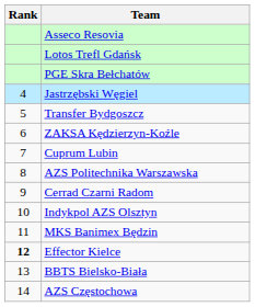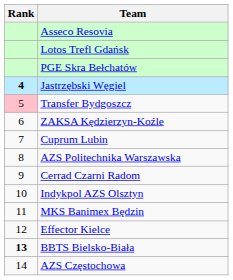 <table class="wikitable" style="white-space: nowrap; width:25%;">
 <tr>
 <th width=15%>Rank</th>
 <th>Team</th>
 </tr>
 <tr bgcolor=#CCFFCC>
 <td style="text-align:center;"></td>
 <td><a href='#'>Asseco Resovia</a></td>
 </tr>
 <tr bgcolor=#CCFFCC>
 <td style="text-align:center;"></td>
 <td><a href='#'>Lotos Trefl Gdańsk</a></td>
 </tr>
 <tr bgcolor=#CCFFCC>
 <td style="text-align:center;"></td>
 <td><a href='#'>PGE Skra Bełchatów</a></td>
 </tr>
 <tr bgcolor=#BBEBFF>
-<td style="text-align:center;">4</td>
+<td style="text-align:center;"><strong>4</strong></td>
 <td><a href='#'>Jastrzębski Węgiel</a></td>
 </tr>
 <tr>
-<td style="text-align:center;">5</td>
+<td style="background: pink; text-align:center;">5</td>
 <td><a href='#'>Transfer Bydgoszcz</a></td>
 </tr>
 <tr>
 <td style="text-align:center;">6</td>
 <td><a href='#'>ZAKSA Kędzierzyn-Koźle</a></td>
 </tr>
 <tr>
 <td style="text-align:center;">7</td>
 <td><a href='#'>Cuprum Lubin</a></td>
 </tr>
 <tr>
 <td style="text-align:center;">8</td>
 <td><a href='#'>AZS Politechnika Warszawska</a></td>
 </tr>
 <tr>
 <td style="text-align:center;">9</td>
 <td><a href='#'>Cerrad Czarni Radom</a></td>
 </tr>
 <tr>
 <td style="text-align:center;">10</td>
 <td><a href='#'>Indykpol AZS Olsztyn</a></td>
 </tr>
 <tr>
 <td style="text-align:center;">11</td>
 <td><a href='#'>MKS Banimex Będzin</a></td>
 </tr>
 <tr>
-<td style="text-align:center;"><strong>12</strong></td>
+<td style="text-align:center;">12</td>
 <td><a href='#'>Effector Kielce</a></td>
 </tr>
 <tr>
-<td style="text-align:center;">13</td>
+<td style="text-align:center;"><strong>13</strong></td>
 <td><a href='#'>BBTS Bielsko-Biała</a></td>
 </tr>
 <tr>
 <td style="text-align:center;">14</td>
 <td><a href='#'>AZS Częstochowa</a></td>
 </tr>
 </table>
